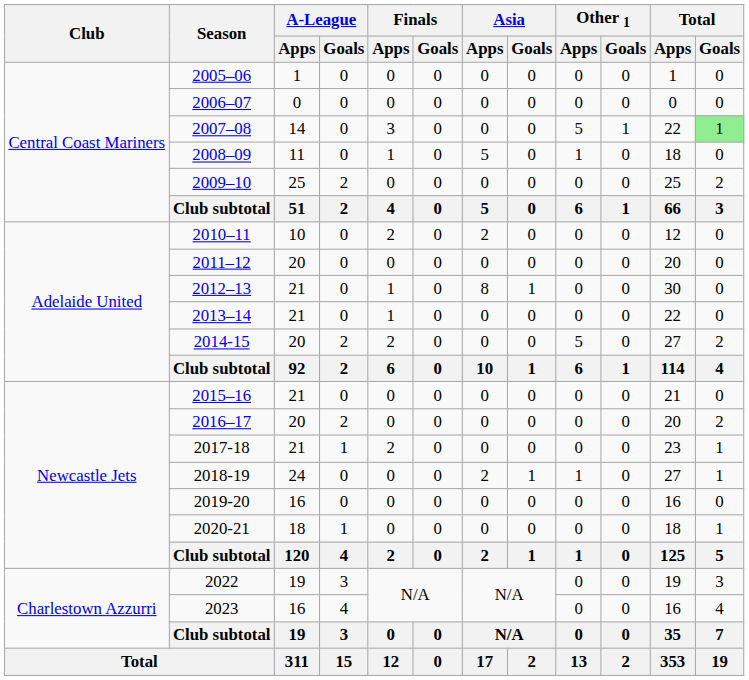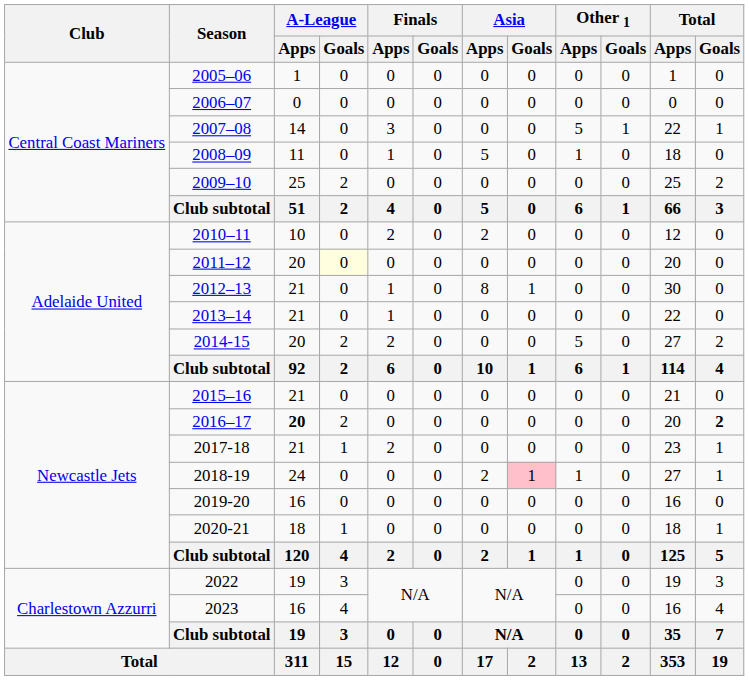 <table class="wikitable" style="text-align: center;">
 <tr>
 <th rowspan="2">Club</th>
 <th rowspan="2">Season</th>
 <th colspan="2"><a href='#'>A-League</a></th>
 <th colspan="2">Finals</th>
 <th colspan="2"><a href='#'>Asia</a></th>
 <th colspan="2">Other <sub>1</sub></th>
 <th colspan="2">Total</th>
 </tr>
 <tr>
 <th>Apps</th>
 <th>Goals</th>
 <th>Apps</th>
 <th>Goals</th>
 <th>Apps</th>
 <th>Goals</th>
 <th>Apps</th>
 <th>Goals</th>
 <th>Apps</th>
 <th>Goals</th>
 </tr>
 <tr>
 <td rowspan="6" valign="center"><a href='#'>Central Coast Mariners</a></td>
 <td><a href='#'>2005–06</a></td>
 <td>1</td>
 <td>0</td>
 <td>0</td>
 <td>0</td>
 <td>0</td>
 <td>0</td>
 <td>0</td>
 <td>0</td>
 <td>1</td>
 <td>0</td>
 </tr>
 <tr>
 <td><a href='#'>2006–07</a></td>
 <td>0</td>
 <td>0</td>
 <td>0</td>
 <td>0</td>
 <td>0</td>
 <td>0</td>
 <td>0</td>
 <td>0</td>
 <td>0</td>
 <td>0</td>
 </tr>
 <tr>
 <td><a href='#'>2007–08</a></td>
 <td>14</td>
 <td>0</td>
 <td>3</td>
 <td>0</td>
 <td>0</td>
 <td>0</td>
 <td>5</td>
 <td>1</td>
 <td>22</td>
-<td style="background: lightgreen;">1</td>
+<td>1</td>
 </tr>
 <tr>
 <td><a href='#'>2008–09</a></td>
 <td>11</td>
 <td>0</td>
 <td>1</td>
 <td>0</td>
 <td>5</td>
 <td>0</td>
 <td>1</td>
 <td>0</td>
 <td>18</td>
 <td>0</td>
 </tr>
 <tr>
 <td><a href='#'>2009–10</a></td>
 <td>25</td>
 <td>2</td>
 <td>0</td>
 <td>0</td>
 <td>0</td>
 <td>0</td>
 <td>0</td>
 <td>0</td>
 <td>25</td>
 <td>2</td>
 </tr>
 <tr>
 <th>Club subtotal</th>
 <th>51</th>
 <th>2</th>
 <th>4</th>
 <th>0</th>
 <th>5</th>
 <th>0</th>
 <th>6</th>
 <th>1</th>
 <th>66</th>
 <th>3</th>
 </tr>
 <tr>
 <td rowspan="6" valign="center"><a href='#'>Adelaide United</a></td>
 <td><a href='#'>2010–11</a></td>
 <td>10</td>
 <td>0</td>
 <td>2</td>
 <td>0</td>
 <td>2</td>
 <td>0</td>
 <td>0</td>
 <td>0</td>
 <td>12</td>
 <td>0</td>
 </tr>
 <tr>
 <td><a href='#'>2011–12</a></td>
 <td>20</td>
-<td>0</td>
+<td style="background: lightyellow;">0</td>
 <td>0</td>
 <td>0</td>
 <td>0</td>
 <td>0</td>
 <td>0</td>
 <td>0</td>
 <td>20</td>
 <td>0</td>
 </tr>
 <tr>
 <td><a href='#'>2012–13</a></td>
 <td>21</td>
 <td>0</td>
 <td>1</td>
 <td>0</td>
 <td>8</td>
 <td>1</td>
 <td>0</td>
 <td>0</td>
 <td>30</td>
 <td>0</td>
 </tr>
 <tr>
 <td><a href='#'>2013–14</a></td>
 <td>21</td>
 <td>0</td>
 <td>1</td>
 <td>0</td>
 <td>0</td>
 <td>0</td>
 <td>0</td>
 <td>0</td>
 <td>22</td>
 <td>0</td>
 </tr>
 <tr>
 <td><a href='#'>2014-15</a></td>
 <td>20</td>
 <td>2</td>
 <td>2</td>
 <td>0</td>
 <td>0</td>
 <td>0</td>
 <td>5</td>
 <td>0</td>
 <td>27</td>
 <td>2</td>
 </tr>
 <tr>
 <th>Club subtotal</th>
 <th>92</th>
 <th>2</th>
 <th>6</th>
 <th>0</th>
 <th>10</th>
 <th>1</th>
 <th>6</th>
 <th>1</th>
 <th>114</th>
 <th>4</th>
 </tr>
 <tr>
 <td rowspan="7" valign="center"><a href='#'>Newcastle Jets</a></td>
 <td><a href='#'>2015–16</a></td>
 <td>21</td>
 <td>0</td>
 <td>0</td>
 <td>0</td>
 <td>0</td>
 <td>0</td>
 <td>0</td>
 <td>0</td>
 <td>21</td>
 <td>0</td>
 </tr>
 <tr>
 <td><a href='#'>2016–17</a></td>
-<td>20</td>
+<td><strong>20</strong></td>
 <td>2</td>
 <td>0</td>
 <td>0</td>
 <td>0</td>
 <td>0</td>
 <td>0</td>
 <td>0</td>
 <td>20</td>
-<td>2</td>
+<td><strong>2</strong></td>
 </tr>
 <tr>
 <td>2017-18</td>
 <td>21</td>
 <td>1</td>
 <td>2</td>
 <td>0</td>
 <td>0</td>
 <td>0</td>
 <td>0</td>
 <td>0</td>
 <td>23</td>
 <td>1</td>
 </tr>
 <tr>
 <td>2018-19</td>
 <td>24</td>
 <td>0</td>
 <td>0</td>
 <td>0</td>
 <td>2</td>
-<td>1</td>
+<td style="background: pink;">1</td>
 <td>1</td>
 <td>0</td>
 <td>27</td>
 <td>1</td>
 </tr>
 <tr>
 <td>2019-20</td>
 <td>16</td>
 <td>0</td>
 <td>0</td>
 <td>0</td>
 <td>0</td>
 <td>0</td>
 <td>0</td>
 <td>0</td>
 <td>16</td>
 <td>0</td>
 </tr>
 <tr>
 <td>2020-21</td>
 <td>18</td>
 <td>1</td>
 <td>0</td>
 <td>0</td>
 <td>0</td>
 <td>0</td>
 <td>0</td>
 <td>0</td>
 <td>18</td>
 <td>1</td>
 </tr>
 <tr>
 <th>Club subtotal</th>
 <th>120</th>
 <th>4</th>
 <th>2</th>
 <th>0</th>
 <th>2</th>
 <th>1</th>
 <th>1</th>
 <th>0</th>
 <th>125</th>
 <th>5</th>
 </tr>
 <tr>
 <td rowspan="3"><a href='#'>Charlestown Azzurri</a></td>
 <td>2022</td>
 <td>19</td>
 <td>3</td>
 <td colspan="2" rowspan="2">N/A</td>
 <td colspan="2" rowspan="2">N/A</td>
 <td>0</td>
 <td>0</td>
 <td>19</td>
 <td>3</td>
 </tr>
 <tr>
 <td>2023</td>
 <td>16</td>
 <td>4</td>
 <td>0</td>
 <td>0</td>
 <td>16</td>
 <td>4</td>
 </tr>
 <tr>
 <th>Club subtotal</th>
 <th>19</th>
 <th>3</th>
 <th>0</th>
 <th>0</th>
 <th colspan="2">N/A</th>
 <th>0</th>
 <th>0</th>
 <th>35</th>
 <th>7</th>
 </tr>
 <tr>
 <th colspan="2" valign="center">Total</th>
 <th>311</th>
 <th>15</th>
 <th>12</th>
 <th>0</th>
 <th>17</th>
 <th>2</th>
 <th>13</th>
 <th>2</th>
 <th>353</th>
 <th>19</th>
 </tr>
 </table>
